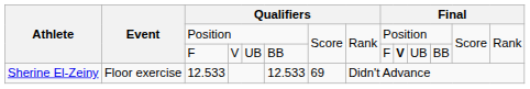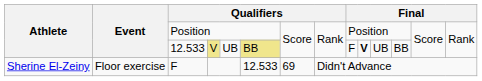 <table class="wikitable">
 <tr>
 <th rowspan="3">Athlete</th>
 <th rowspan="3">Event</th>
 <th colspan="6">Qualifiers</th>
 <th colspan="6">Final</th>
 </tr>
 <tr>
 <td colspan="4">Position</td>
 <td rowspan="2">Score</td>
 <td rowspan="2">Rank</td>
 <td colspan="4">Position</td>
 <td rowspan="2">Score</td>
 <td rowspan="2">Rank</td>
 </tr>
 <tr>
-<td>F</td>
-<td>V</td>
+<td>12.533</td>
+<td style="background: khaki;">V</td>
 <td>UB</td>
-<td>BB</td>
+<td style="background: khaki;">BB</td>
 <td>F</td>
 <td><strong>V</strong></td>
 <td>UB</td>
 <td>BB</td>
 </tr>
 <tr>
 <td><a href='#'>Sherine El-Zeiny</a></td>
 <td>Floor exercise</td>
-<td>12.533</td>
+<td>F</td>
 <td colspan="2"></td>
 <td>12.533</td>
 <td>69</td>
 <td colspan="7">Didn't Advance</td>
 </tr>
 </table>
